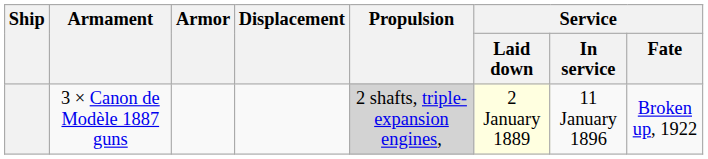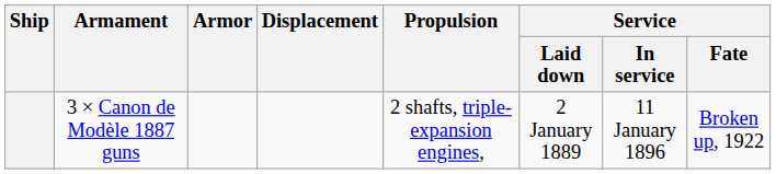 <table class="wikitable plainrowheaders" style="text-align: center;">
 <tr valign="top">
 <th scope="col" rowspan="2">Ship</th>
 <th scope="col" rowspan="2">Armament</th>
 <th scope="col" rowspan="2">Armor</th>
 <th scope="col" rowspan="2">Displacement</th>
 <th scope="col" rowspan="2">Propulsion</th>
 <th scope="col" colspan="3">Service</th>
 </tr>
 <tr valign="top">
 <th scope="col">Laid down</th>
 <th scope="col">In service</th>
 <th scope="col">Fate</th>
 </tr>
 <tr valign="center">
 <th scope="row"></th>
 <td>3 × <a href='#'>Canon de  Modèle 1887 guns</a></td>
 <td></td>
 <td></td>
-<td style="background: lightgrey;">2 shafts, <a href='#'>triple-expansion engines</a>, </td>
-<td style="background: lightyellow;">2 January 1889</td>
+<td>2 shafts, <a href='#'>triple-expansion engines</a>, </td>
+<td>2 January 1889</td>
 <td>11 January 1896</td>
 <td><a href='#'>Broken up</a>, 1922</td>
 </tr>
 </table>
